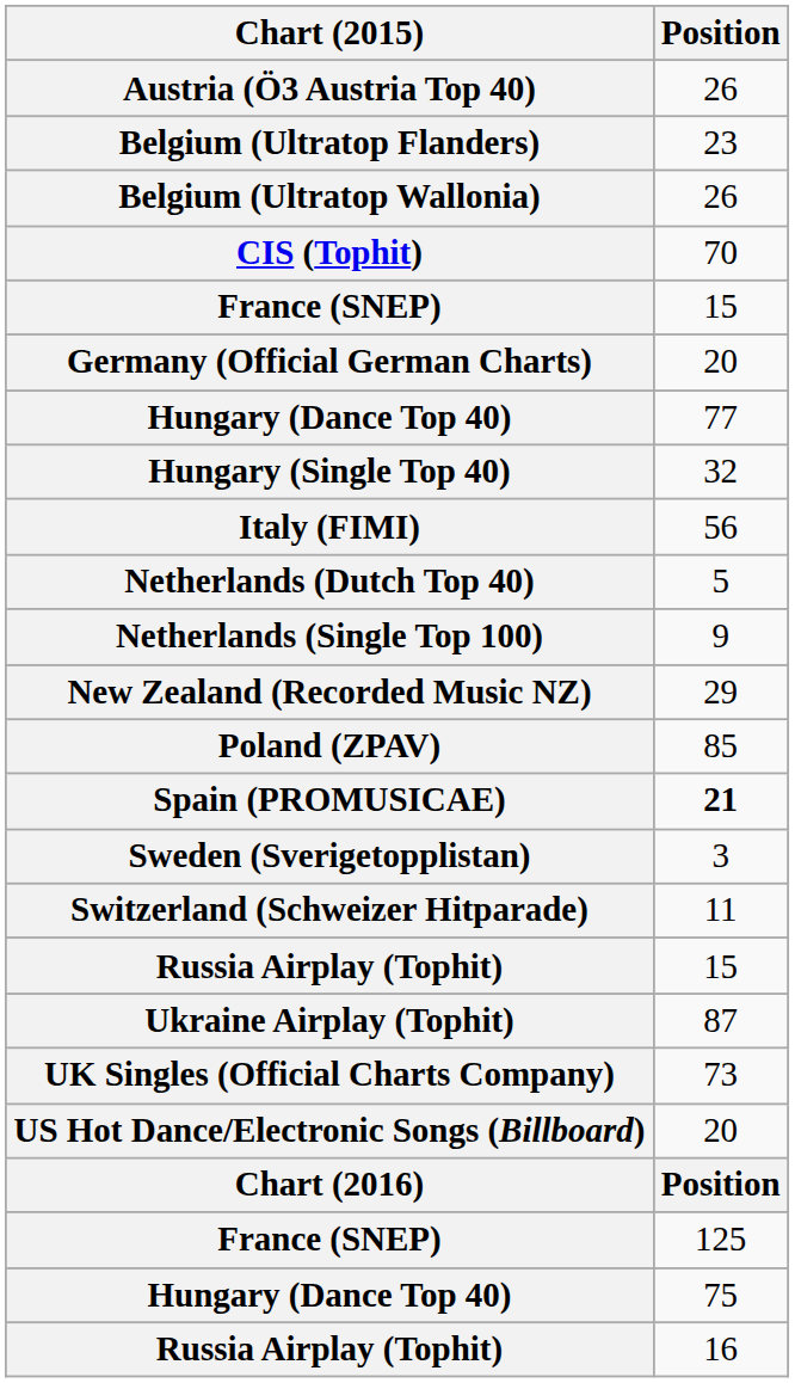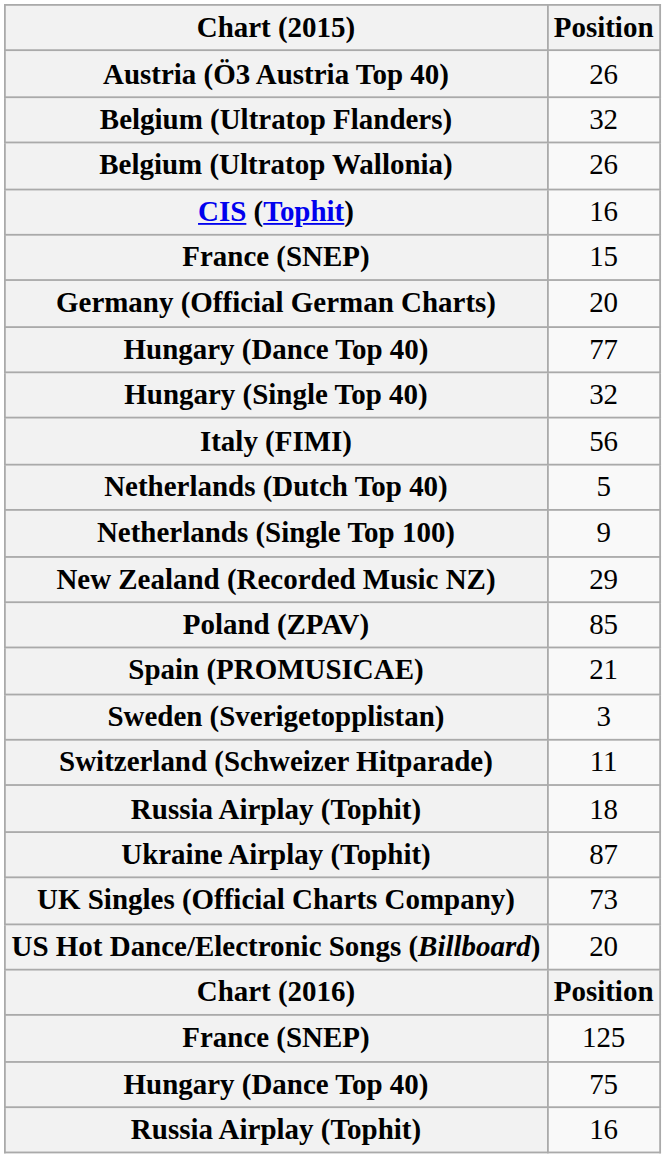 <table class="wikitable sortable plainrowheaders" style="text-align:center">
 <tr>
 <th scope="col">Chart (2015)</th>
 <th scope="col">Position</th>
 </tr>
 <tr>
 <th scope="row">Austria (Ö3 Austria Top 40)</th>
 <td>26</td>
 </tr>
 <tr>
 <th scope="row">Belgium (Ultratop Flanders)</th>
-<td>23</td>
+<td>32</td>
 </tr>
 <tr>
 <th scope="row">Belgium (Ultratop Wallonia)</th>
 <td>26</td>
 </tr>
 <tr>
 <th scope="row"><a href='#'>CIS</a> (<a href='#'>Tophit</a>)</th>
-<td style="text-align:center;">70</td>
+<td style="text-align:center;">16</td>
 </tr>
 <tr>
 <th scope="row">France (SNEP)</th>
 <td>15</td>
 </tr>
 <tr>
 <th scope="row">Germany (Official German Charts)</th>
 <td>20</td>
 </tr>
 <tr>
 <th scope="row">Hungary (Dance Top 40)</th>
 <td>77</td>
 </tr>
 <tr>
 <th scope="row">Hungary (Single Top 40)</th>
 <td>32</td>
 </tr>
 <tr>
 <th scope="row">Italy (FIMI)</th>
 <td>56</td>
 </tr>
 <tr>
 <th scope="row">Netherlands (Dutch Top 40)</th>
 <td>5</td>
 </tr>
 <tr>
 <th scope="row">Netherlands (Single Top 100)</th>
 <td>9</td>
 </tr>
 <tr>
 <th scope="row">New Zealand (Recorded Music NZ)</th>
 <td>29</td>
 </tr>
 <tr>
 <th scope="row">Poland (ZPAV)</th>
 <td>85</td>
 </tr>
 <tr>
 <th scope="row">Spain (PROMUSICAE)</th>
-<td><strong>21</strong></td>
+<td>21</td>
 </tr>
 <tr>
 <th scope="row">Sweden (Sverigetopplistan)</th>
 <td>3</td>
 </tr>
 <tr>
 <th scope="row">Switzerland (Schweizer Hitparade)</th>
 <td>11</td>
 </tr>
 <tr>
 <th scope="row">Russia Airplay (Tophit)</th>
-<td style="text-align:center;">15</td>
+<td style="text-align:center;">18</td>
 </tr>
 <tr>
 <th scope="row">Ukraine Airplay (Tophit)</th>
 <td style="text-align:center;">87</td>
 </tr>
 <tr>
 <th scope="row">UK Singles (Official Charts Company)</th>
 <td>73</td>
 </tr>
 <tr>
 <th scope="row">US Hot Dance/Electronic Songs (<em>Billboard</em>)</th>
 <td>20</td>
 </tr>
 <tr>
 <th scope="col">Chart (2016)</th>
 <th scope="col">Position</th>
 </tr>
 <tr>
 <th scope="row">France (SNEP)</th>
 <td>125</td>
 </tr>
 <tr>
 <th scope="row">Hungary (Dance Top 40)</th>
 <td>75</td>
 </tr>
 <tr>
 <th scope="row">Russia Airplay (Tophit)</th>
 <td>16</td>
 </tr>
 </table>
